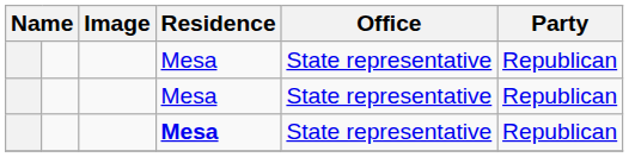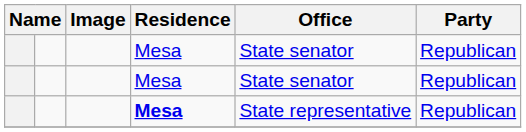 <table class="sortable wikitable">
 <tr valign=bottom>
 <th colspan="2">Name</th>
 <th>Image</th>
 <th>Residence</th>
 <th>Office</th>
 <th>Party</th>
 </tr>
 <tr>
 <th style="background-color:  "></th>
 <td></td>
 <td></td>
 <td><a href='#'>Mesa</a></td>
-<td><a href='#'>State representative</a></td>
+<td><a href='#'>State senator</a></td>
 <td><a href='#'>Republican</a></td>
 </tr>
 <tr>
 <th style="background-color:  "></th>
 <td></td>
 <td></td>
 <td><a href='#'>Mesa</a></td>
-<td><a href='#'>State representative</a></td>
+<td><a href='#'>State senator</a></td>
 <td><a href='#'>Republican</a></td>
 </tr>
 <tr>
 <th style="background-color:  "></th>
 <td></td>
 <td></td>
 <td><strong><a href='#'>Mesa</a></strong></td>
 <td><a href='#'>State representative</a></td>
 <td><a href='#'>Republican</a></td>
 </tr>
 <tr>
 </tr>
 </table>
